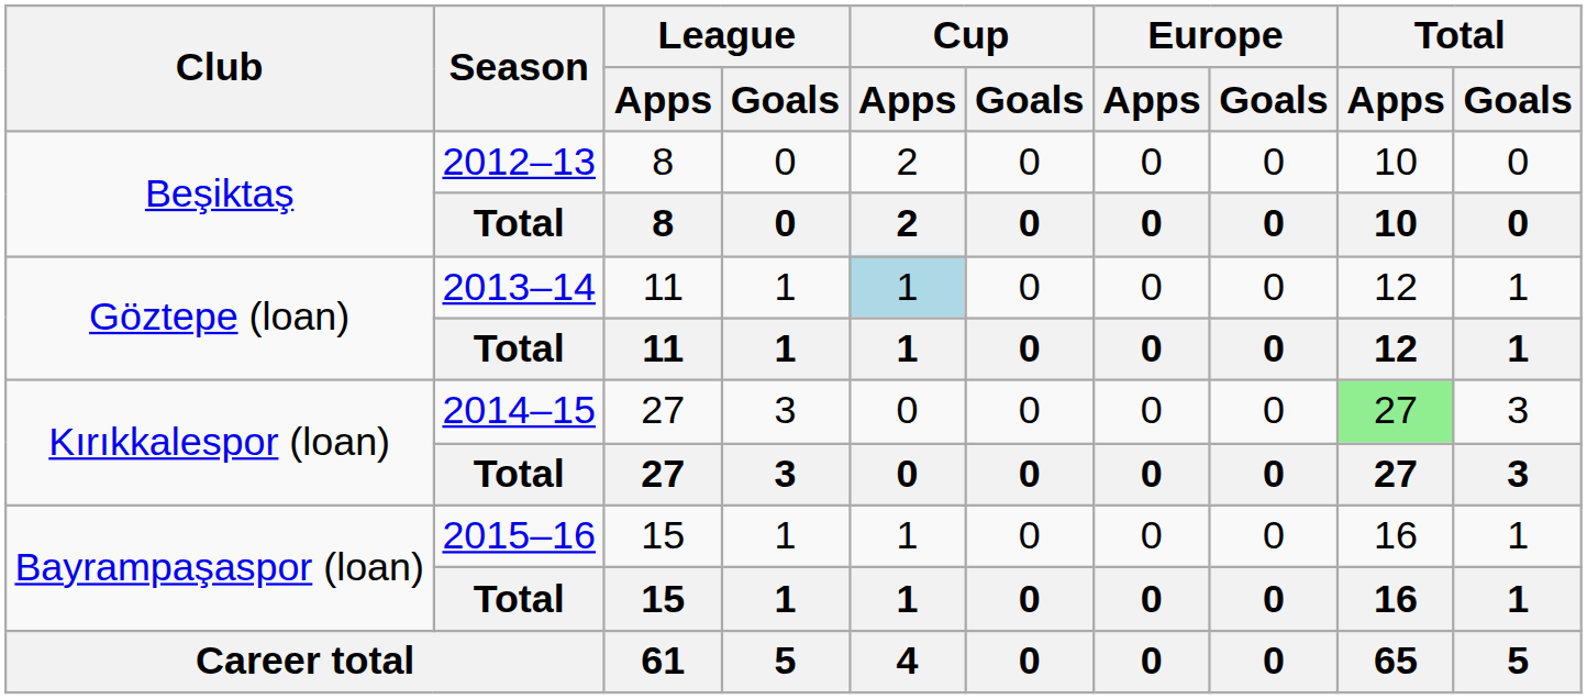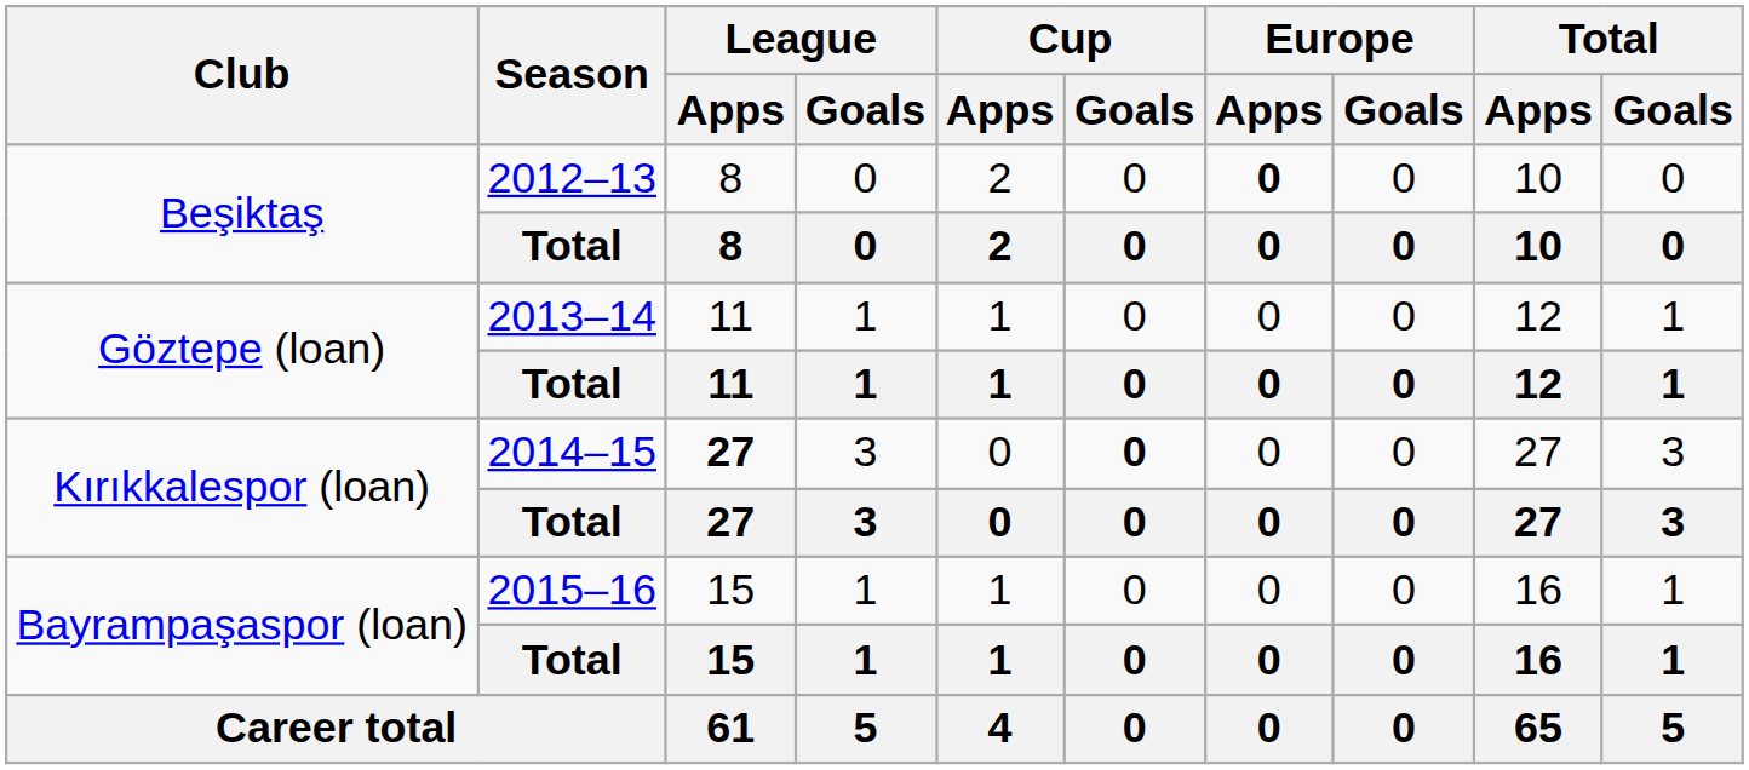 <table class="wikitable" style="text-align: center;">
 <tr>
 <th rowspan="2">Club</th>
 <th rowspan="2">Season</th>
 <th colspan="2">League</th>
 <th colspan="2">Cup</th>
 <th colspan="2">Europe</th>
 <th colspan="2">Total</th>
 </tr>
 <tr>
 <th>Apps</th>
 <th>Goals</th>
 <th>Apps</th>
 <th>Goals</th>
 <th>Apps</th>
 <th>Goals</th>
 <th>Apps</th>
 <th>Goals</th>
 </tr>
 <tr>
 <td rowspan="2" valign="center"><a href='#'>Beşiktaş</a></td>
 <td><a href='#'>2012–13</a></td>
 <td>8</td>
 <td>0</td>
 <td>2</td>
 <td>0</td>
-<td>0</td>
+<td><strong>0</strong></td>
 <td>0</td>
 <td>10</td>
 <td>0</td>
 </tr>
 <tr>
 <th>Total</th>
 <th>8</th>
 <th>0</th>
 <th>2</th>
 <th>0</th>
 <th>0</th>
 <th>0</th>
 <th>10</th>
 <th>0</th>
 </tr>
 <tr>
 <td rowspan="2" valign="center"><a href='#'>Göztepe</a> (loan)</td>
 <td><a href='#'>2013–14</a></td>
 <td>11</td>
 <td>1</td>
-<td style="background: lightblue;">1</td>
+<td>1</td>
 <td>0</td>
 <td>0</td>
 <td>0</td>
 <td>12</td>
 <td>1</td>
 </tr>
 <tr>
 <th>Total</th>
 <th>11</th>
 <th>1</th>
 <th>1</th>
 <th>0</th>
 <th>0</th>
 <th>0</th>
 <th>12</th>
 <th>1</th>
 </tr>
 <tr>
 <td rowspan="2" valign="center"><a href='#'>Kırıkkalespor</a> (loan)</td>
 <td><a href='#'>2014–15</a></td>
-<td>27</td>
+<td><strong>27</strong></td>
 <td>3</td>
 <td>0</td>
+<td><strong>0</strong></td>
 <td>0</td>
 <td>0</td>
-<td>0</td>
-<td style="background: lightgreen;">27</td>
+<td>27</td>
 <td>3</td>
 </tr>
 <tr>
 <th>Total</th>
 <th>27</th>
 <th>3</th>
 <th>0</th>
 <th>0</th>
 <th>0</th>
 <th>0</th>
 <th>27</th>
 <th>3</th>
 </tr>
 <tr>
 <td rowspan="2" valign="center"><a href='#'>Bayrampaşaspor</a> (loan)</td>
 <td><a href='#'>2015–16</a></td>
 <td>15</td>
 <td>1</td>
 <td>1</td>
 <td>0</td>
 <td>0</td>
 <td>0</td>
 <td>16</td>
 <td>1</td>
 </tr>
 <tr>
 <th>Total</th>
 <th>15</th>
 <th>1</th>
 <th>1</th>
 <th>0</th>
 <th>0</th>
 <th>0</th>
 <th>16</th>
 <th>1</th>
 </tr>
 <tr>
 <th colspan="2">Career total</th>
 <th>61</th>
 <th>5</th>
 <th>4</th>
 <th>0</th>
 <th>0</th>
 <th>0</th>
 <th>65</th>
 <th>5</th>
 </tr>
 </table>
